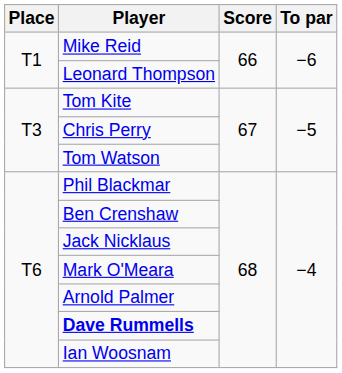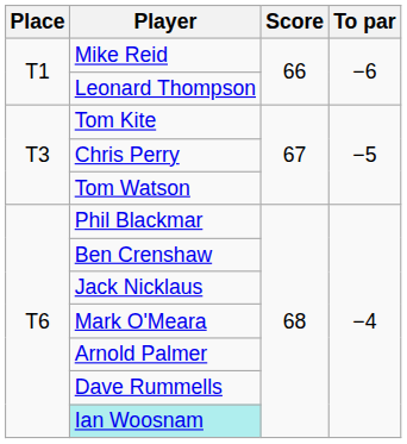 <table class="wikitable">
 <tr>
 <th>Place</th>
 <th>Player</th>
 <th>Score</th>
 <th>To par</th>
 </tr>
 <tr>
 <td rowspan=2 align="center">T1</td>
 <td> <a href='#'>Mike Reid</a></td>
 <td rowspan=2 align="center">66</td>
 <td rowspan=2 align="center">−6</td>
 </tr>
 <tr>
 <td> <a href='#'>Leonard Thompson</a></td>
 </tr>
 <tr>
 <td rowspan=3 align="center">T3</td>
 <td> <a href='#'>Tom Kite</a></td>
 <td rowspan=3 align="center">67</td>
 <td rowspan=3 align="center">−5</td>
 </tr>
 <tr>
 <td> <a href='#'>Chris Perry</a></td>
 </tr>
 <tr>
 <td> <a href='#'>Tom Watson</a></td>
 </tr>
 <tr>
 <td rowspan=7 align="center">T6</td>
 <td> <a href='#'>Phil Blackmar</a></td>
 <td rowspan=7 align="center">68</td>
 <td rowspan=7 align="center">−4</td>
 </tr>
 <tr>
 <td> <a href='#'>Ben Crenshaw</a></td>
 </tr>
 <tr>
 <td> <a href='#'>Jack Nicklaus</a></td>
 </tr>
 <tr>
 <td> <a href='#'>Mark O'Meara</a></td>
 </tr>
 <tr>
 <td> <a href='#'>Arnold Palmer</a></td>
 </tr>
 <tr>
-<td><strong> <a href='#'>Dave Rummells</a></strong></td>
+<td> <a href='#'>Dave Rummells</a></td>
 </tr>
 <tr>
-<td> <a href='#'>Ian Woosnam</a></td>
+<td style="background: paleturquoise;"> <a href='#'>Ian Woosnam</a></td>
 </tr>
 </table>
